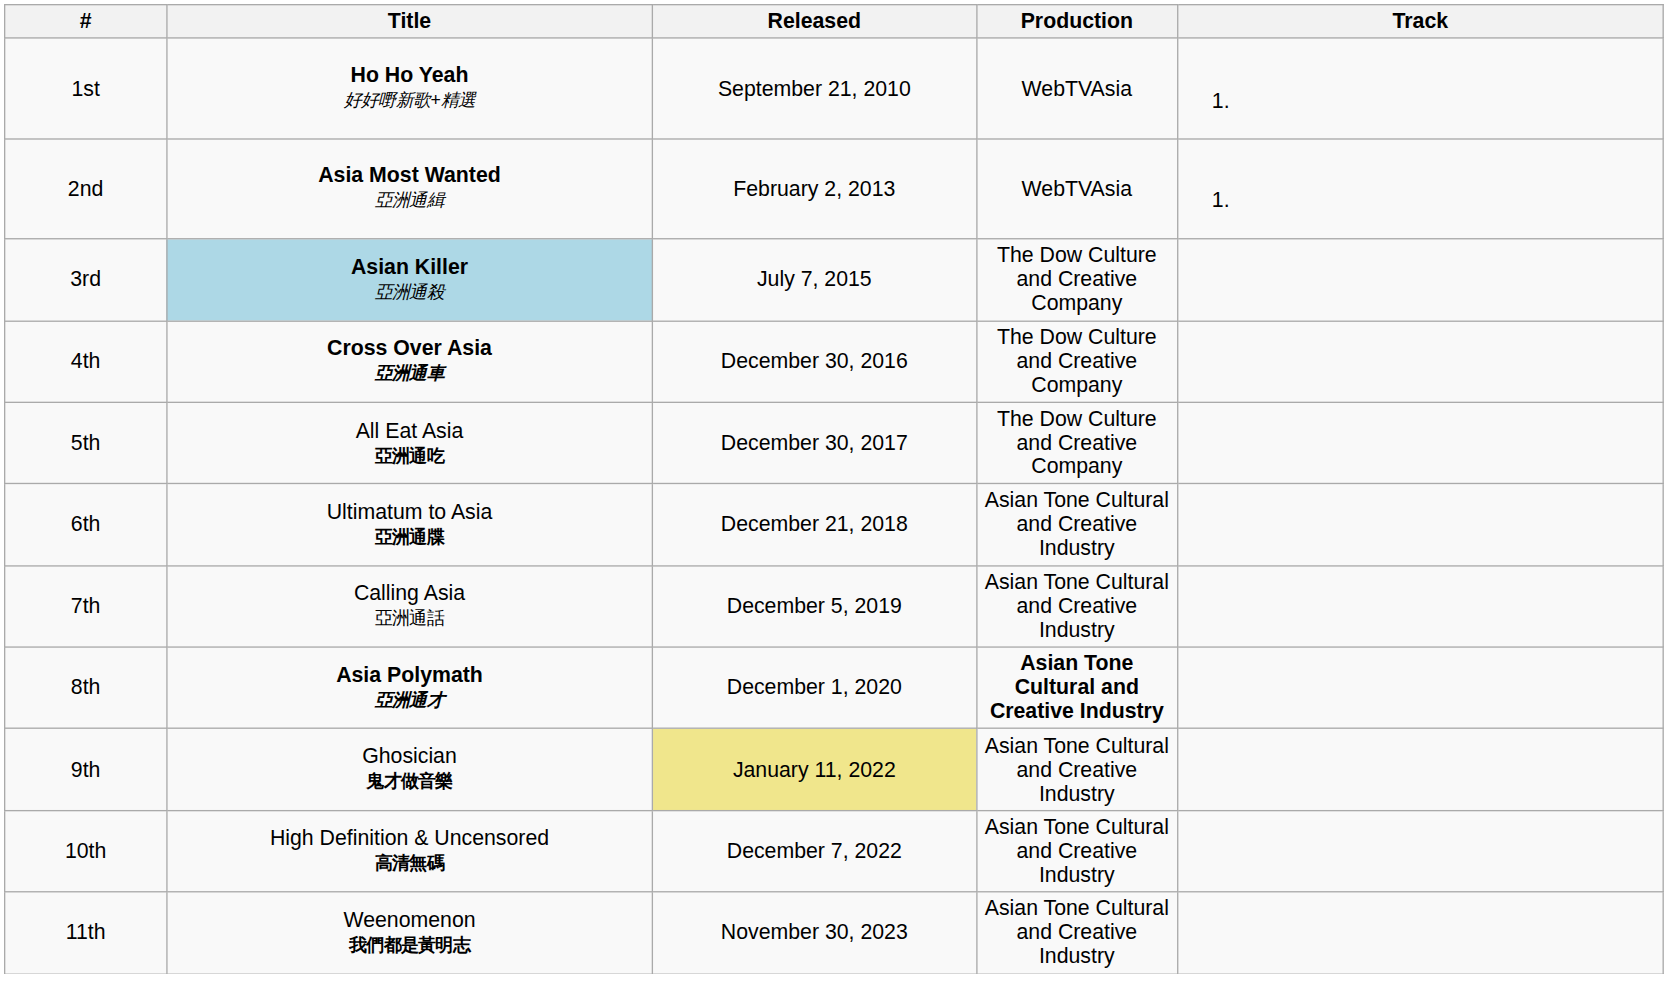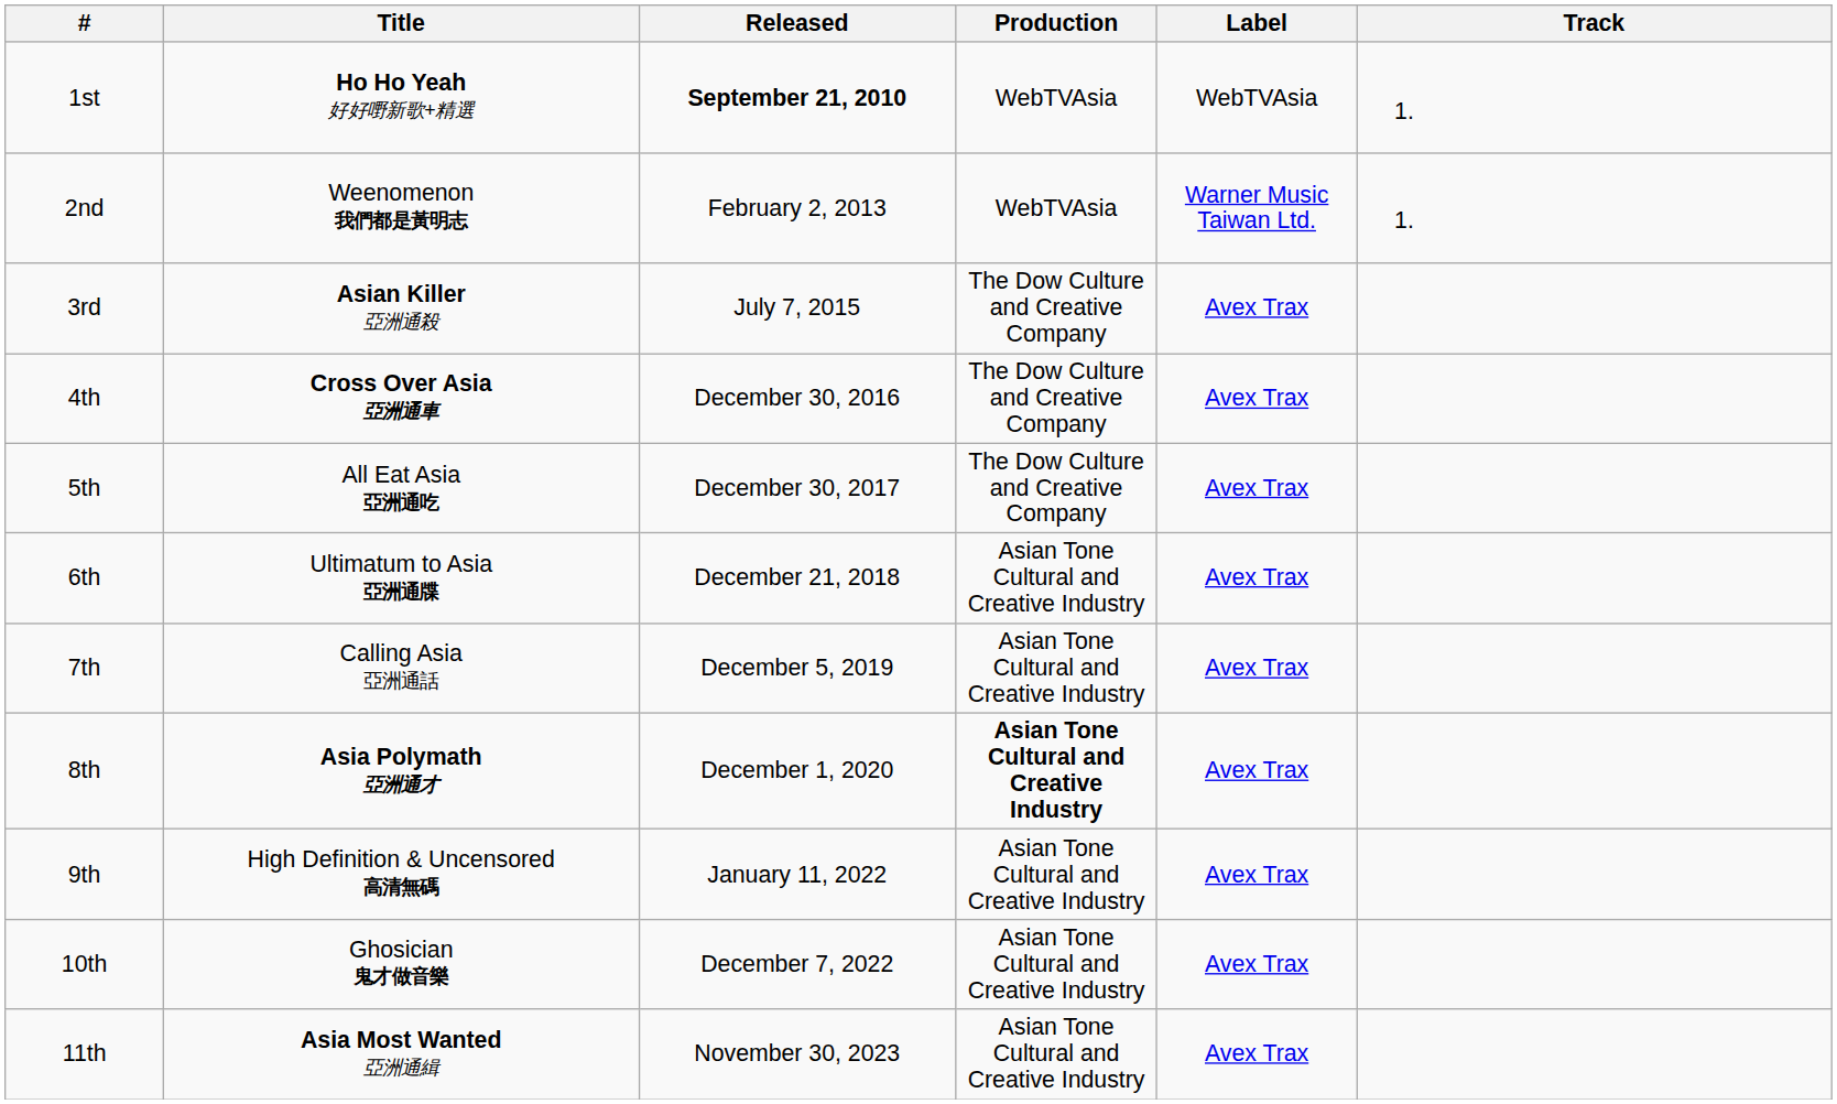 <table class="wikitable" style="text-align:center">
 <tr>
 <th width="5%" align="center">#</th>
 <th width="15%" align="center">Title</th>
 <th width="10%" align="center">Released</th>
 <th width="5%" align="center">Production</th>
+<th width="5%" align="center">Label</th>
 <th width="15%" align="center">Track</th>
 </tr>
 <tr>
 <td>1st</td>
 <td><strong>Ho Ho Yeah</strong><br><small><em>好好嘢新歌+精選</em></small></td>
-<td>September 21, 2010</td>
+<td><strong>September 21, 2010</strong></td>
+<td>WebTVAsia</td>
 <td>WebTVAsia</td>
 <td><br><ol><li></li></ol></td>
 </tr>
 <tr>
 <td>2nd</td>
-<td><strong>Asia Most Wanted</strong><br><small><em>亞洲通緝</em></small></td>
+<td></strong>Weenomenon<strong><br><small></em>我們都是黃明志<em></small></td>
 <td>February 2, 2013</td>
 <td>WebTVAsia</td>
+<td><a href='#'>Warner Music Taiwan Ltd.</a></td>
 <td><br><ol><li></li></ol></td>
 </tr>
 <tr>
 <td>3rd</td>
-<td style="background: lightblue;"><strong>Asian Killer</strong><br><small><em>亞洲通殺</em></small></td>
+<td><strong>Asian Killer</strong><br><small><em>亞洲通殺</em></small></td>
 <td>July 7, 2015</td>
 <td>The Dow Culture and Creative Company</td>
+<td><a href='#'>Avex Trax</a></td>
 <td></td>
 </tr>
 <tr>
 <td>4th</td>
 <td><strong>Cross Over Asia<strong><em><br><small>亞洲通車</small><em></td>
 <td>December 30, 2016</td>
 <td>The Dow Culture and Creative Company</td>
+<td><a href='#'>Avex Trax</a></td>
 <td></td>
 </tr>
 <tr>
 <td>5th</td>
 <td></strong>All Eat Asia<strong><br><small></em>亞洲通吃<em></small></td>
 <td>December 30, 2017</td>
 <td>The Dow Culture and Creative Company</td>
+<td><a href='#'>Avex Trax</a></td>
 <td></td>
 </tr>
 <tr>
 <td>6th</td>
 <td></strong>Ultimatum to Asia<strong><br><small></em>亞洲通牒<em></small></td>
 <td>December 21, 2018</td>
 <td>Asian Tone Cultural and Creative Industry</td>
+<td><a href='#'>Avex Trax</a></td>
 <td></td>
 </tr>
 <tr>
 <td>7th</td>
 <td></strong>Calling Asia</em></strong><br><small>亞洲通話</small></em></td>
 <td>December 5, 2019</td>
 <td>Asian Tone Cultural and Creative Industry</td>
+<td><a href='#'>Avex Trax</a></td>
 <td></td>
 </tr>
 <tr>
 <td>8th</td>
 <td><strong>Asia Polymath<strong><em><br><small>亞洲通才</small><em></td>
 <td>December 1, 2020</td>
 <td><strong>Asian Tone Cultural and Creative Industry</strong></td>
+<td><a href='#'>Avex Trax</a></td>
 <td></td>
 </tr>
 <tr>
 <td>9th</td>
-<td></strong>Ghosician<strong><br><small></em>鬼才做音樂<em></small></td>
-<td style="background: khaki;">January 11, 2022</td>
+<td></strong>High Definition & Uncensored<strong><br><small></em>高清無碼<em></small></td>
+<td>January 11, 2022</td>
 <td>Asian Tone Cultural and Creative Industry</td>
+<td><a href='#'>Avex Trax</a></td>
 <td></td>
 </tr>
 <tr>
 <td>10th</td>
-<td></strong>High Definition & Uncensored<strong><br><small></em>高清無碼<em></small></td>
+<td></strong>Ghosician<strong><br><small></em>鬼才做音樂<em></small></td>
 <td>December 7, 2022</td>
 <td>Asian Tone Cultural and Creative Industry</td>
+<td><a href='#'>Avex Trax</a></td>
 <td></td>
 </tr>
 <tr>
 <td>11th</td>
-<td></strong>Weenomenon<strong><br><small></em>我們都是黃明志<em></small></td>
+<td><strong>Asia Most Wanted</strong><br><small><em>亞洲通緝</em></small></td>
 <td>November 30, 2023</td>
 <td>Asian Tone Cultural and Creative Industry</td>
+<td><a href='#'>Avex Trax</a></td>
 <td></td>
 </tr>
 </table>
